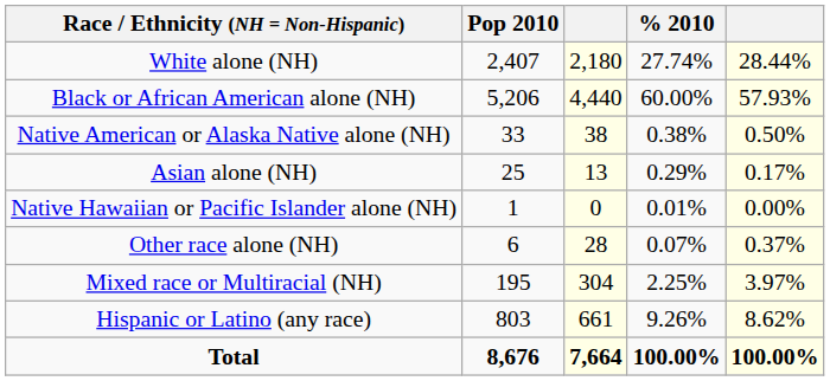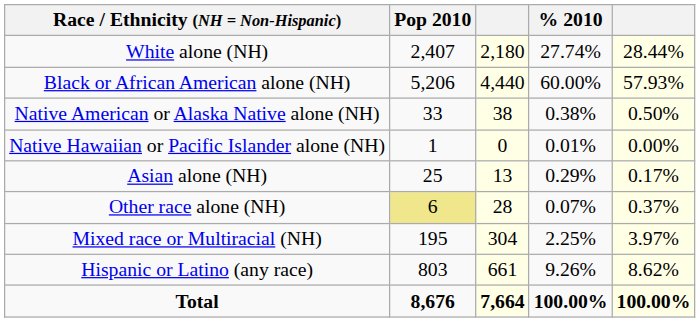 <table class="wikitable" style="text-align:center;">
 <tr>
 <th>Race / Ethnicity <small>(<em>NH = Non-Hispanic</em>)</small></th>
 <th>Pop 2010</th>
 <th></th>
 <th>% 2010</th>
 <th></th>
 </tr>
 <tr>
 <td><a href='#'>White</a> alone (NH)</td>
 <td>2,407</td>
 <td style='background: #ffffe6;'>2,180</td>
 <td>27.74%</td>
 <td style='background: #ffffe6;'>28.44%</td>
 </tr>
 <tr>
 <td><a href='#'>Black or African American</a> alone (NH)</td>
 <td>5,206</td>
 <td style='background: #ffffe6;'>4,440</td>
 <td>60.00%</td>
 <td style='background: #ffffe6;'>57.93%</td>
 </tr>
 <tr>
 <td><a href='#'>Native American</a> or <a href='#'>Alaska Native</a> alone (NH)</td>
 <td>33</td>
 <td style='background: #ffffe6;'>38</td>
 <td>0.38%</td>
 <td style='background: #ffffe6;'>0.50%</td>
 </tr>
 <tr>
+<td><a href='#'>Native Hawaiian</a> or <a href='#'>Pacific Islander</a> alone (NH)</td>
+<td>1</td>
+<td style='background: #ffffe6;'>0</td>
+<td>0.01%</td>
+<td style='background: #ffffe6;'>0.00%</td>
+</tr>
+<tr>
 <td><a href='#'>Asian</a> alone (NH)</td>
 <td>25</td>
 <td style='background: #ffffe6;'>13</td>
 <td>0.29%</td>
 <td style='background: #ffffe6;'>0.17%</td>
 </tr>
 <tr>
-<td><a href='#'>Native Hawaiian</a> or <a href='#'>Pacific Islander</a> alone (NH)</td>
-<td>1</td>
-<td style='background: #ffffe6;'>0</td>
-<td>0.01%</td>
-<td style='background: #ffffe6;'>0.00%</td>
-</tr>
-<tr>
 <td><a href='#'>Other race</a> alone (NH)</td>
-<td>6</td>
+<td style="background: khaki;">6</td>
 <td style='background: #ffffe6;'>28</td>
 <td>0.07%</td>
 <td style='background: #ffffe6;'>0.37%</td>
 </tr>
 <tr>
 <td><a href='#'>Mixed race or Multiracial</a> (NH)</td>
 <td>195</td>
 <td style='background: #ffffe6;'>304</td>
 <td>2.25%</td>
 <td style='background: #ffffe6;'>3.97%</td>
 </tr>
 <tr>
 <td><a href='#'>Hispanic or Latino</a> (any race)</td>
 <td>803</td>
 <td style='background: #ffffe6;'>661</td>
 <td>9.26%</td>
 <td style='background: #ffffe6;'>8.62%</td>
 </tr>
 <tr>
 <td><strong>Total</strong></td>
 <td><strong>8,676</strong></td>
 <td style='background: #ffffe6;'><strong>7,664</strong></td>
 <td><strong>100.00%</strong></td>
 <td style='background: #ffffe6;'><strong>100.00%</strong></td>
 </tr>
 </table>
